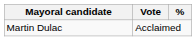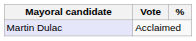 <table class="wikitable">
 <tr>
 <th bgcolor="#DDDDFF" width="200px">Mayoral candidate</th>
 <th bgcolor="#DDDDFF" width="50px">Vote</th>
 <th bgcolor="#DDDDFF"  width="30px">%</th>
 </tr>
 <tr>
-<td>Martin Dulac</td>
+<td style="background: lavender;">Martin Dulac</td>
 <td colspan="2">Acclaimed</td>
 </tr>
 </table>
